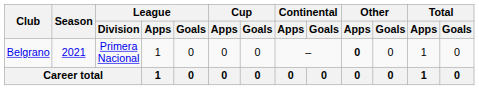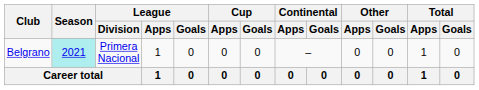 <table class="wikitable" style="text-align: center">
 <tr>
 <th rowspan="2">Club</th>
 <th rowspan="2">Season</th>
 <th colspan="3">League</th>
 <th colspan="2">Cup</th>
 <th colspan="2">Continental</th>
 <th colspan="2">Other</th>
 <th colspan="2">Total</th>
 </tr>
 <tr>
 <th>Division</th>
 <th>Apps</th>
 <th>Goals</th>
 <th>Apps</th>
 <th>Goals</th>
 <th>Apps</th>
 <th>Goals</th>
 <th>Apps</th>
 <th>Goals</th>
 <th>Apps</th>
 <th>Goals</th>
 </tr>
 <tr>
 <td><a href='#'>Belgrano</a></td>
-<td><a href='#'>2021</a></td>
+<td style="background: paleturquoise;"><a href='#'>2021</a></td>
 <td><a href='#'>Primera Nacional</a></td>
 <td>1</td>
 <td>0</td>
 <td>0</td>
 <td>0</td>
 <td colspan="2">–</td>
-<td><strong>0</strong></td>
+<td>0</td>
 <td>0</td>
 <td>1</td>
 <td>0</td>
 </tr>
 <tr>
 <th colspan=3>Career total</th>
 <th>1</th>
 <th>0</th>
 <th>0</th>
 <th>0</th>
 <th>0</th>
 <th>0</th>
 <th>0</th>
 <th>0</th>
 <th>1</th>
 <th>0</th>
 </tr>
 </table>
